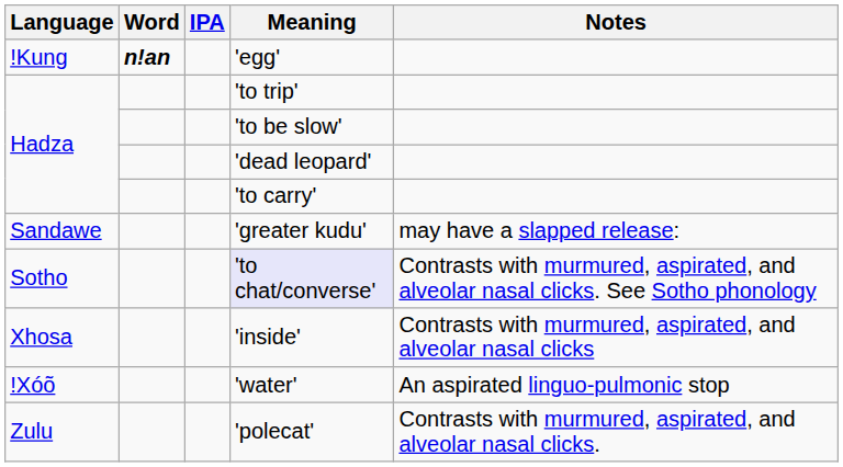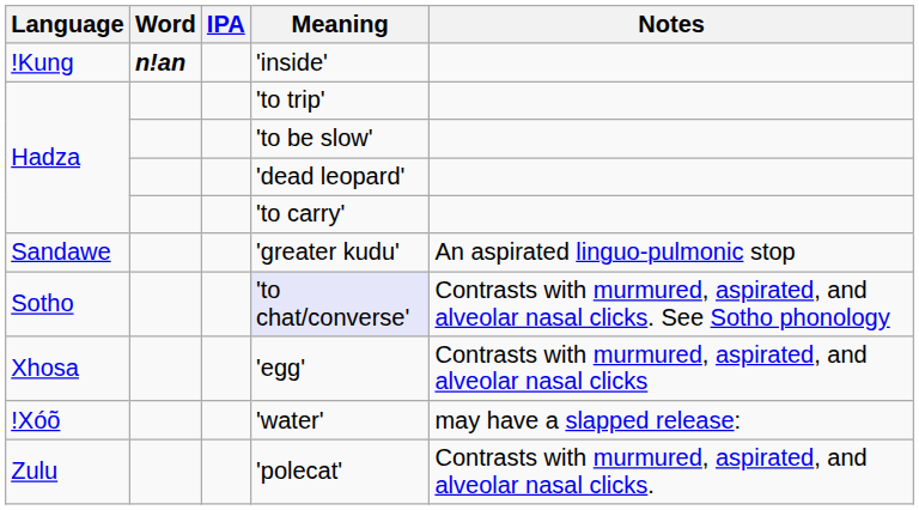 <table class="wikitable">
 <tr>
 <th colspan=2>Language</th>
 <th>Word</th>
 <th><a href='#'>IPA</a></th>
 <th>Meaning</th>
 <th>Notes</th>
 </tr>
 <tr>
 <td colspan=2><a href='#'>!Kung</a></td>
 <td><strong><em>nǃ<strong>an<em></td>
 <td align=center></td>
-<td>'egg'</td>
+<td>'inside'</td>
 <td></td>
 </tr>
 <tr>
 <td colspan=2 rowspan=4><a href='#'>Hadza</a></td>
 <td></td>
 <td align=center></td>
 <td>'to trip'</td>
 <td></td>
 </tr>
 <tr>
 <td></td>
 <td align=center></td>
 <td>'to be slow'</td>
 <td></td>
 </tr>
 <tr>
 <td></td>
 <td align=center></td>
 <td>'dead leopard'</td>
 <td></td>
 </tr>
 <tr>
 <td></td>
 <td align=center></td>
 <td>'to carry'</td>
 <td></td>
 </tr>
 <tr>
 <td colspan=2><a href='#'>Sandawe</a></td>
 <td></td>
 <td align=center></td>
 <td>'greater kudu'</td>
-<td>may have a <a href='#'>slapped release</a>: </td>
+<td>An aspirated <a href='#'>linguo-pulmonic</a> stop</td>
 </tr>
 <tr>
 <td colspan=2><a href='#'>Sotho</a></td>
 <td></td>
 <td align=center></td>
 <td style="background: lavender;">'to chat/converse'</td>
 <td>Contrasts with <a href='#'>murmured</a>, <a href='#'>aspirated</a>, and <a href='#'>alveolar nasal clicks</a>. See <a href='#'>Sotho phonology</a></td>
 </tr>
 <tr>
 <td colspan=2><a href='#'>Xhosa</a></td>
 <td></td>
 <td align=center></td>
-<td>'inside'</td>
+<td>'egg'</td>
 <td>Contrasts with <a href='#'>murmured</a>, <a href='#'>aspirated</a>, and <a href='#'>alveolar nasal clicks</a></td>
 </tr>
 <tr>
 <td colspan=2><a href='#'>ǃXóõ</a></td>
 <td></td>
 <td align=center></td>
 <td>'water'</td>
-<td>An aspirated <a href='#'>linguo-pulmonic</a> stop</td>
+<td>may have a <a href='#'>slapped release</a>: </td>
 </tr>
 <tr>
 <td colspan=2><a href='#'>Zulu</a></td>
 <td></td>
 <td align=center>  </td>
 <td>'polecat'</td>
 <td>Contrasts with <a href='#'>murmured</a>, <a href='#'>aspirated</a>, and <a href='#'>alveolar nasal clicks</a>.</td>
 </tr>
 </table>
